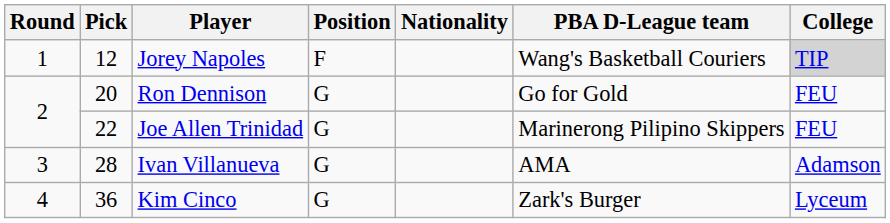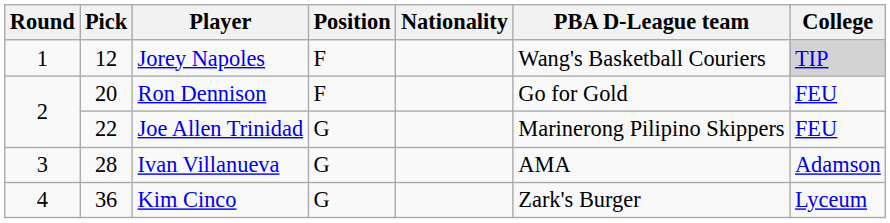 <table class="wikitable sortable sortable">
 <tr>
 <th>Round</th>
 <th>Pick</th>
 <th>Player</th>
 <th>Position</th>
 <th>Nationality</th>
 <th>PBA D-League team</th>
 <th>College</th>
 </tr>
 <tr>
 <td align=center>1</td>
 <td align=center>12</td>
 <td><a href='#'>Jorey Napoles</a></td>
 <td>F</td>
 <td></td>
 <td>Wang's Basketball Couriers</td>
 <td style="background: lightgrey;"><a href='#'>TIP</a></td>
 </tr>
 <tr>
 <td rowspan=2 align=center>2</td>
 <td align=center>20</td>
 <td><a href='#'>Ron Dennison</a></td>
-<td>G</td>
+<td>F</td>
 <td></td>
 <td>Go for Gold</td>
 <td><a href='#'>FEU</a></td>
 </tr>
 <tr>
 <td align=center>22</td>
 <td><a href='#'>Joe Allen Trinidad</a></td>
 <td>G</td>
 <td></td>
 <td>Marinerong Pilipino Skippers</td>
 <td><a href='#'>FEU</a></td>
 </tr>
 <tr>
 <td align=center>3</td>
 <td align=center>28</td>
 <td><a href='#'>Ivan Villanueva</a></td>
 <td>G</td>
 <td></td>
 <td>AMA</td>
 <td><a href='#'>Adamson</a></td>
 </tr>
 <tr>
 <td align=center>4</td>
 <td align=center>36</td>
 <td><a href='#'>Kim Cinco</a></td>
 <td>G</td>
 <td></td>
 <td>Zark's Burger</td>
 <td><a href='#'>Lyceum</a></td>
 </tr>
 </table>
